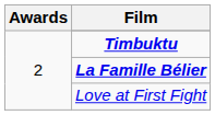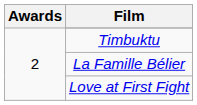 <table class="wikitable" style="text-align:center;">
 <tr>
 <th width="55">Awards</th>
 <th align="center">Film</th>
 </tr>
 <tr>
 <td rowspan=4 style="text-align:center">2</td>
 </tr>
 <tr>
-<td><strong><em><a href='#'>Timbuktu</a></em></strong></td>
+<td><em><a href='#'>Timbuktu</a></em></td>
 </tr>
 <tr>
-<td><strong><em><a href='#'>La Famille Bélier</a></em></strong></td>
+<td><em><a href='#'>La Famille Bélier</a></em></td>
 </tr>
 <tr>
 <td><em><a href='#'>Love at First Fight</a></em></td>
 </tr>
 </table>
